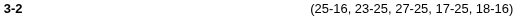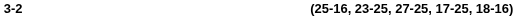 <table width=100% cellspacing=1>
 <tr>
 <th width=20%></th>
 <th width=12%></th>
 <th width=20%></th>
 <th width=33%></th>
 <td></td>
 </tr>
 <tr style=font-size:90%>
 <td align=right></td>
 <td align=center><strong>3-2</strong></td>
 <td></td>
-<td>(25-16, 23-25, 27-25, 17-25, 18-16)</td>
+<td><strong>(25-16, 23-25, 27-25, 17-25, 18-16)</strong></td>
 </tr>
 </table>
